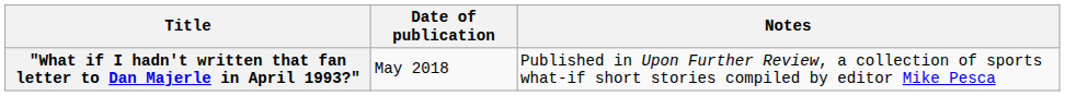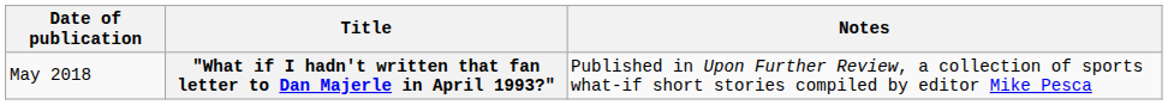 <table class="wikitable plainrowheaders sortable" style="margin-right: 0;">
 <tr>
+<th scope="col">Date of publication</th>
 <th scope="col">Title</th>
-<th scope="col">Date of publication</th>
 <th scope="col">Notes</th>
 </tr>
 <tr>
+<td>May 2018</td>
 <th scope="row">"What if I hadn't written that fan letter to <a href='#'>Dan Majerle</a> in April 1993?"</th>
-<td>May 2018</td>
 <td>Published in <em>Upon Further Review</em>, a collection of sports what-if short stories compiled by editor <a href='#'>Mike Pesca</a></td>
 </tr>
 </table>
